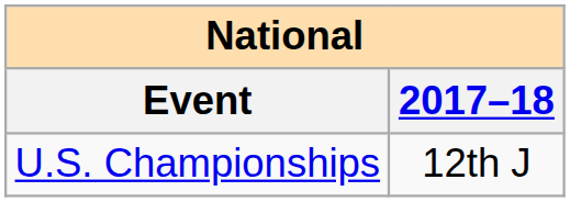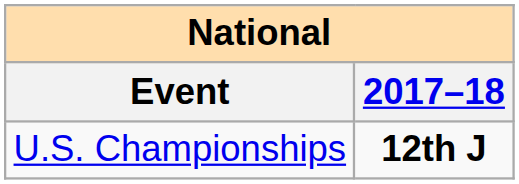 <table class="wikitable" style="text-align:center">
 <tr>
 <th colspan="2" style="background-color: #ffdead; " align="center">National</th>
 </tr>
 <tr>
 <th>Event</th>
 <th><a href='#'>2017–18</a></th>
 </tr>
 <tr>
 <td align=left><a href='#'>U.S. Championships</a></td>
-<td>12th J</td>
+<td><strong>12th J</strong></td>
 </tr>
 </table>
